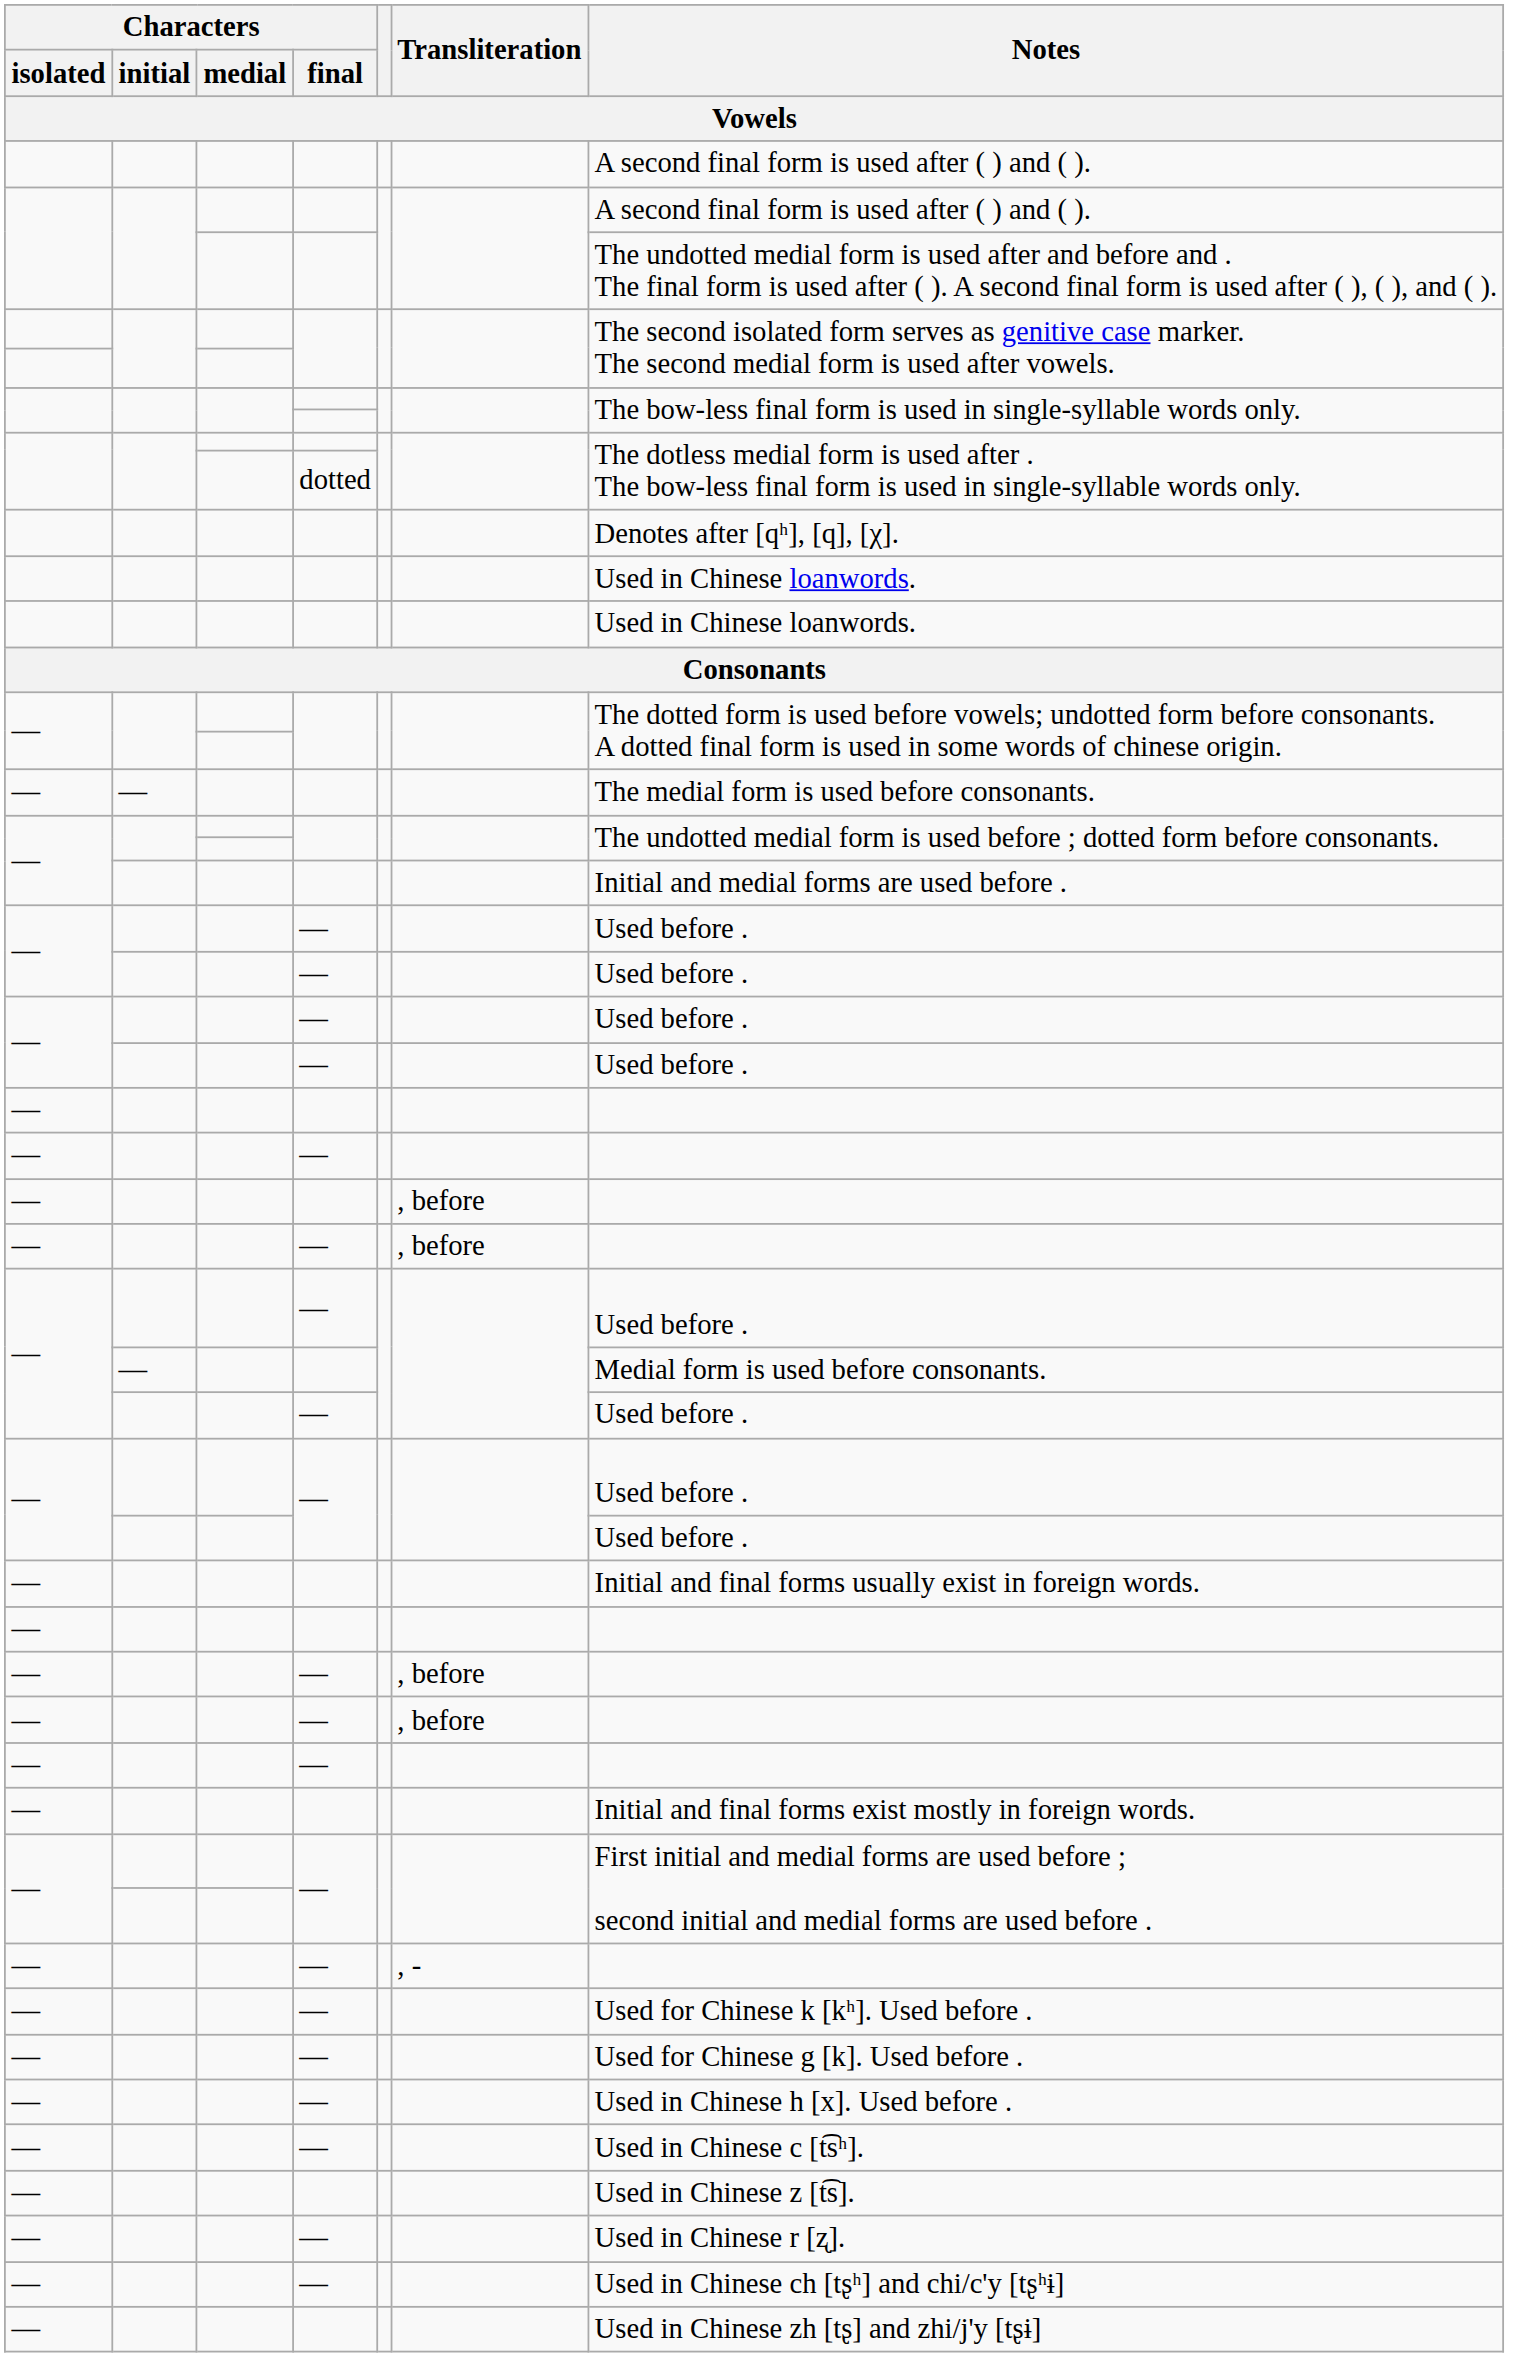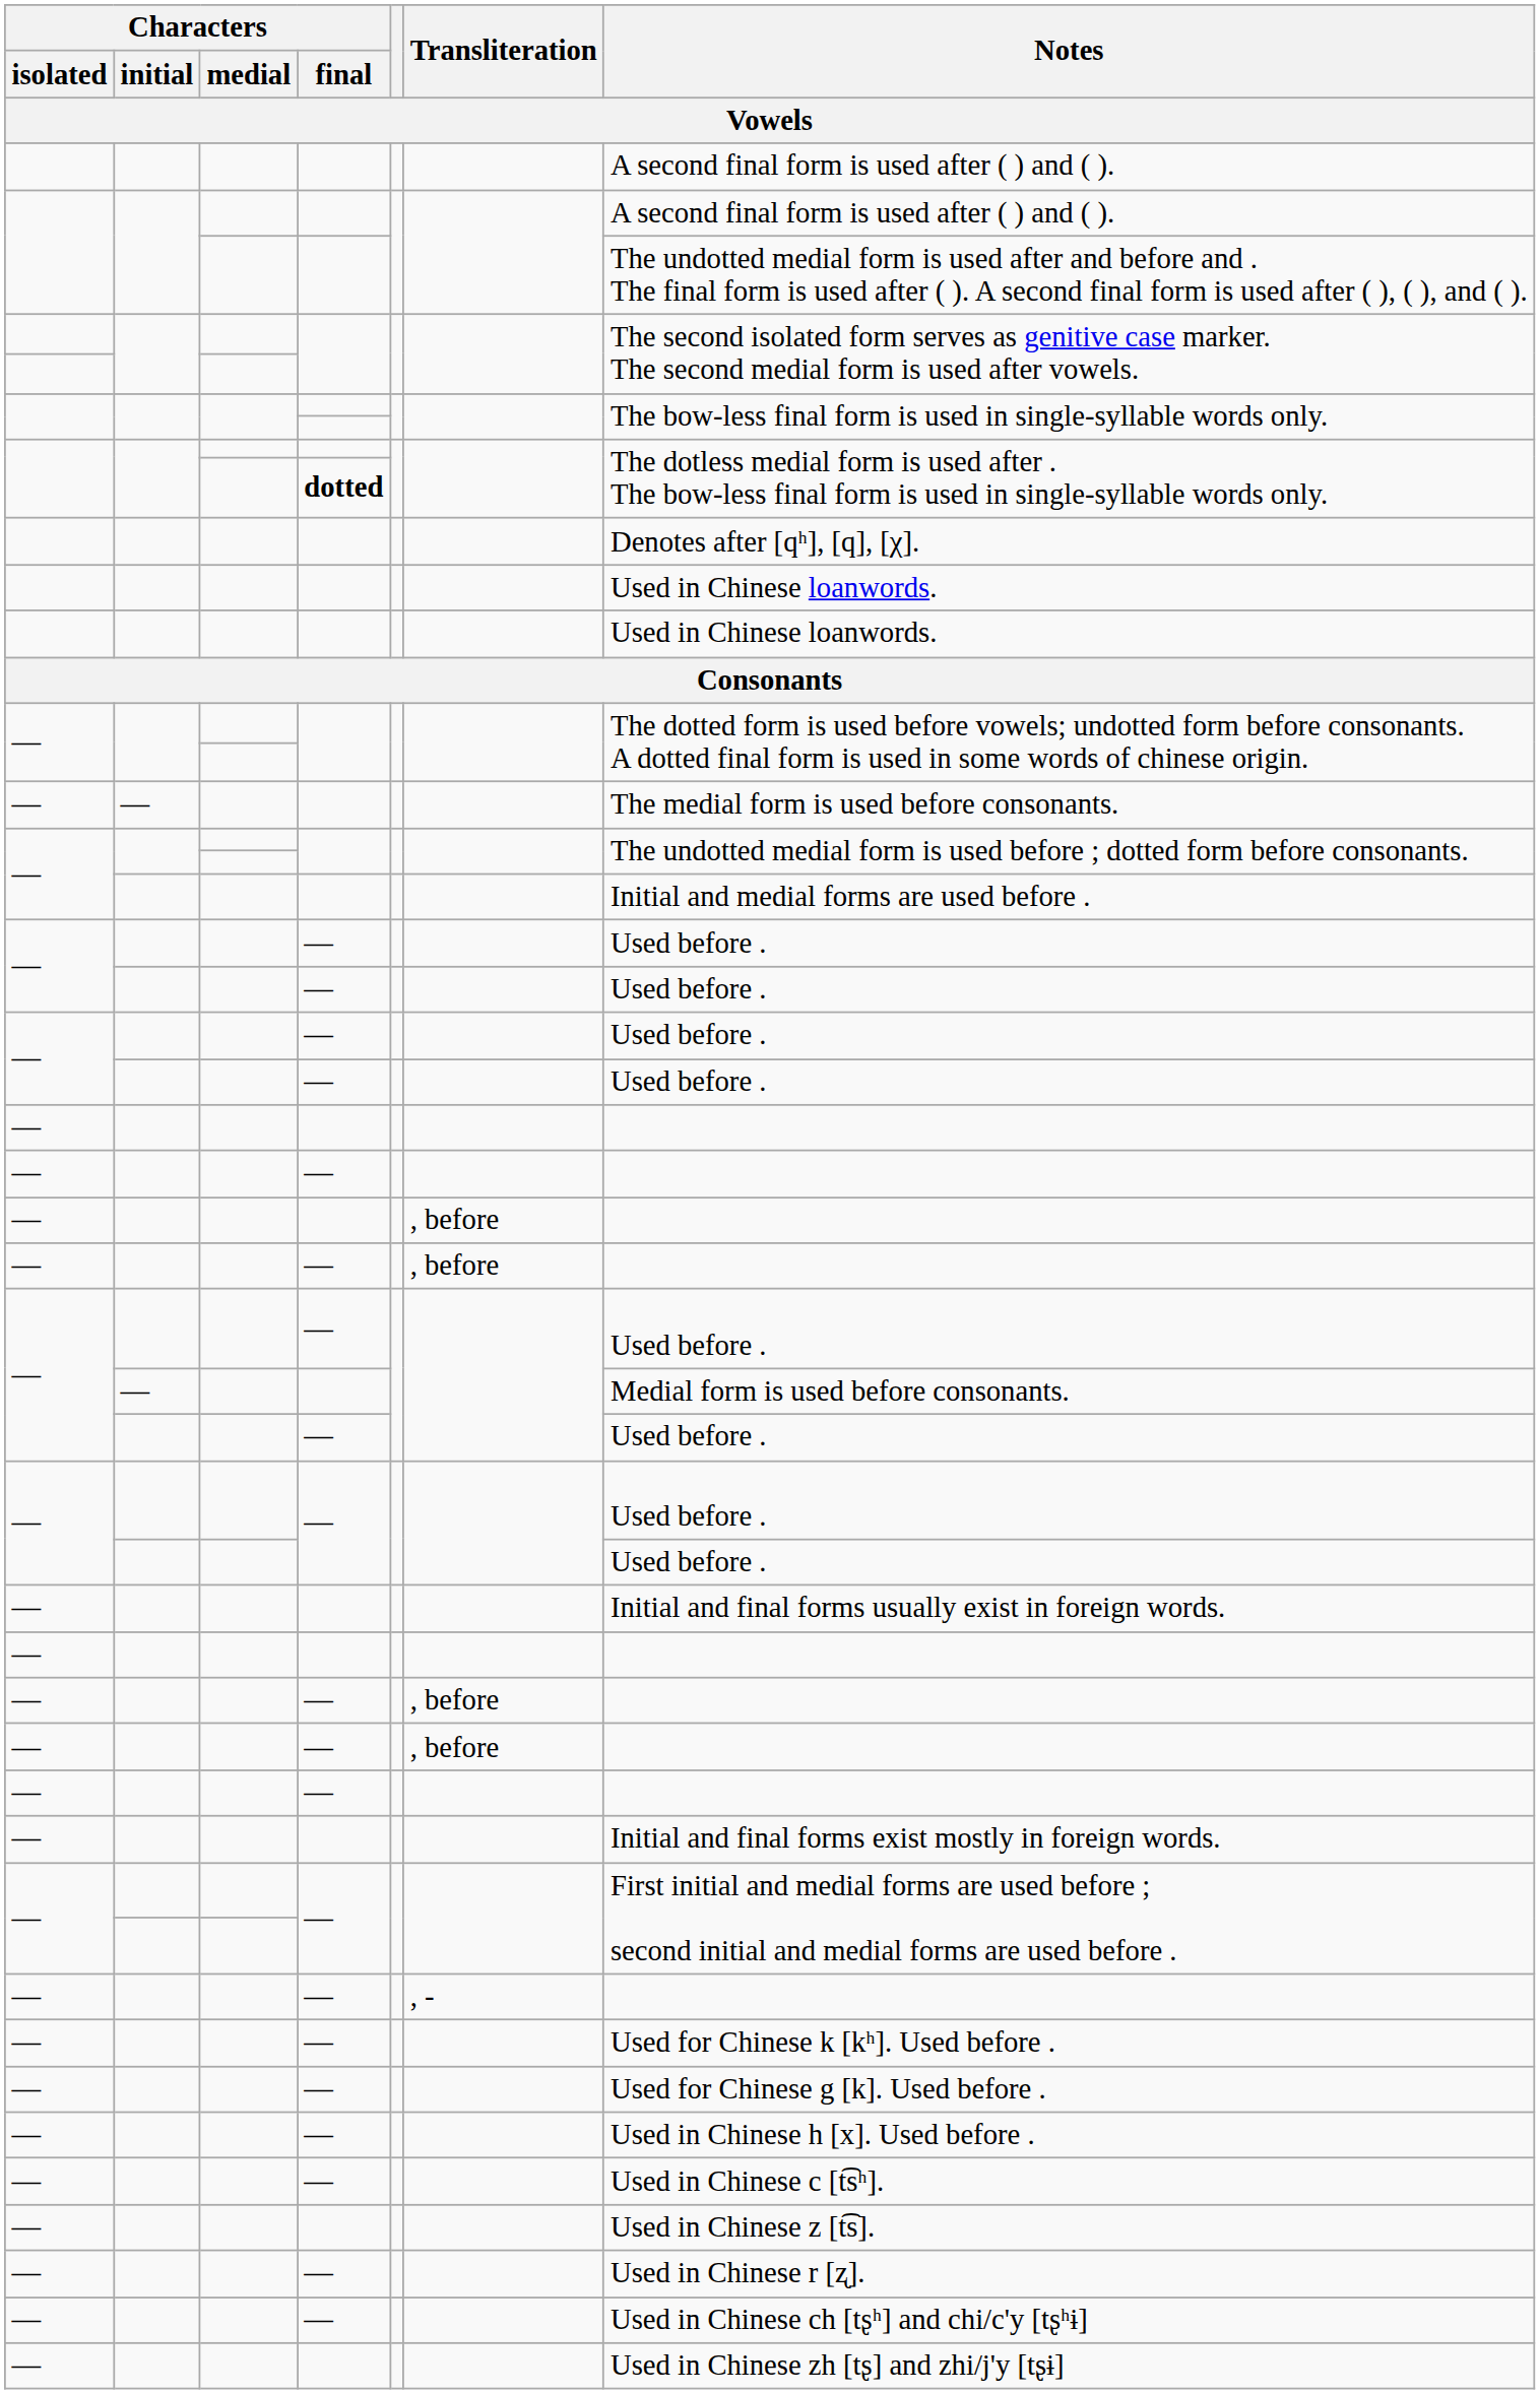 <table class="wikitable">
 <tr>
 <th colspan="4">Characters</th>
 <th rowspan="2"></th>
 <th rowspan="2">Transliteration</th>
 <th rowspan="2">Notes</th>
 </tr>
 <tr>
 <th>isolated</th>
 <th>initial</th>
 <th>medial</th>
 <th>final</th>
 </tr>
 <tr>
 <th colspan="7">Vowels</th>
 </tr>
 <tr>
 <td></td>
 <td></td>
 <td></td>
 <td></td>
 <td></td>
 <td> </td>
 <td>A second final form is used after  ( ) and  ( ).</td>
 </tr>
 <tr>
 <td rowspan="2"></td>
 <td rowspan="2"></td>
 <td></td>
 <td></td>
 <td rowspan="2"></td>
 <td rowspan="2"> </td>
 <td>A second final form is used after  ( ) and  ( ).</td>
 </tr>
 <tr>
 <td></td>
 <td></td>
 <td>The undotted medial form is used after  and before  and .<br>The final form is used after  ( ). A second final form is used after  ( ),  ( ), and  ( ).</td>
 </tr>
 <tr>
 <td></td>
 <td rowspan="2"></td>
 <td></td>
 <td rowspan="2"></td>
 <td rowspan="2"></td>
 <td rowspan="2"> </td>
 <td rowspan="2">The second isolated form serves as <a href='#'>genitive case</a> marker.<br>The second medial form is used after vowels.</td>
 </tr>
 <tr>
 <td>  </td>
 <td></td>
 </tr>
 <tr>
 <td rowspan="2"> </td>
 <td rowspan="2"></td>
 <td rowspan="2"></td>
 <td> </td>
 <td rowspan="2"></td>
 <td rowspan="2"> </td>
 <td rowspan="2">The bow-less final form is used in single-syllable words only.</td>
 </tr>
 <tr>
 <td></td>
 </tr>
 <tr>
 <td rowspan="2"> </td>
 <td rowspan="2"></td>
 <td></td>
 <td></td>
 <td rowspan="2"></td>
 <td rowspan="2"> </td>
 <td rowspan="2">The dotless medial form is used after .<br>The bow-less final form is used in single-syllable words only.</td>
 </tr>
 <tr>
 <td></td>
-<td>dotted </td>
+<td><strong>dotted </strong></td>
 </tr>
 <tr>
 <td> </td>
 <td></td>
 <td></td>
 <td></td>
 <td></td>
 <td> </td>
 <td>Denotes <em></em> after <em></em> [qʰ], <em></em> [q], <em></em> [χ].</td>
 </tr>
 <tr>
 <td></td>
 <td></td>
 <td></td>
 <td></td>
 <td></td>
 <td> </td>
 <td>Used in Chinese <a href='#'>loanwords</a>.</td>
 </tr>
 <tr>
 <td></td>
 <td></td>
 <td></td>
 <td></td>
 <td></td>
 <td> </td>
 <td>Used in Chinese loanwords.</td>
 </tr>
 <tr>
 <th colspan="7">Consonants</th>
 </tr>
 <tr>
 <td rowspan="2">—</td>
 <td rowspan="2"></td>
 <td></td>
 <td rowspan="2"></td>
 <td rowspan="2"></td>
 <td rowspan="2"> </td>
 <td rowspan="2">The dotted form is used before vowels; undotted form before consonants.<br>A dotted final form is used in some words of chinese origin.</td>
 </tr>
 <tr>
 <td></td>
 </tr>
 <tr>
 <td>—</td>
 <td>—</td>
 <td></td>
 <td></td>
 <td></td>
 <td> </td>
 <td>The medial form is used before consonants.</td>
 </tr>
 <tr>
 <td rowspan="3">—</td>
 <td rowspan="2"></td>
 <td></td>
 <td rowspan="2"></td>
 <td rowspan="2"></td>
 <td rowspan="2"> </td>
 <td rowspan="2">The undotted medial form is used before <em></em>; dotted form before consonants.</td>
 </tr>
 <tr>
 <td></td>
 </tr>
 <tr>
 <td> </td>
 <td></td>
 <td></td>
 <td></td>
 <td> </td>
 <td>Initial and medial forms are used before <em></em>.</td>
 </tr>
 <tr>
 <td rowspan="2">—</td>
 <td></td>
 <td></td>
 <td>—</td>
 <td></td>
 <td> </td>
 <td>Used before <em></em>.</td>
 </tr>
 <tr>
 <td>  </td>
 <td>  </td>
 <td>—</td>
 <td></td>
 <td> </td>
 <td>Used before <em></em>.</td>
 </tr>
 <tr>
 <td rowspan="2">—</td>
 <td> </td>
 <td> </td>
 <td>—</td>
 <td></td>
 <td> </td>
 <td>Used before <em></em>.</td>
 </tr>
 <tr>
 <td>  </td>
 <td>  </td>
 <td>—</td>
 <td></td>
 <td> </td>
 <td>Used before <em></em>.</td>
 </tr>
 <tr>
 <td>—</td>
 <td></td>
 <td></td>
 <td></td>
 <td></td>
 <td> </td>
 <td></td>
 </tr>
 <tr>
 <td>—</td>
 <td> </td>
 <td> </td>
 <td>—</td>
 <td></td>
 <td> </td>
 <td></td>
 </tr>
 <tr>
 <td>—</td>
 <td></td>
 <td></td>
 <td></td>
 <td></td>
 <td> ,  before </td>
 <td></td>
 </tr>
 <tr>
 <td>—</td>
 <td> </td>
 <td> </td>
 <td>—</td>
 <td></td>
 <td> ,  before </td>
 <td></td>
 </tr>
 <tr>
 <td rowspan="3">—</td>
 <td></td>
 <td></td>
 <td>—</td>
 <td rowspan="3"></td>
 <td rowspan="3"> </td>
 <td><br>Used before <em></em>.</td>
 </tr>
 <tr>
 <td>—</td>
 <td> </td>
 <td></td>
 <td>Medial form is used before consonants.</td>
 </tr>
 <tr>
 <td></td>
 <td></td>
 <td>—</td>
 <td>Used before <em></em>.</td>
 </tr>
 <tr>
 <td rowspan="2">—</td>
 <td> </td>
 <td></td>
 <td rowspan="2">—</td>
 <td rowspan="2"></td>
 <td rowspan="2"> </td>
 <td><br>Used before <em></em>.</td>
 </tr>
 <tr>
 <td> </td>
 <td></td>
 <td>Used before <em></em>.</td>
 </tr>
 <tr>
 <td>—</td>
 <td></td>
 <td></td>
 <td></td>
 <td></td>
 <td> </td>
 <td>Initial and final forms usually exist in foreign words.</td>
 </tr>
 <tr>
 <td>—</td>
 <td></td>
 <td></td>
 <td></td>
 <td></td>
 <td> </td>
 <td></td>
 </tr>
 <tr>
 <td>—</td>
 <td></td>
 <td></td>
 <td>—</td>
 <td></td>
 <td> ,  before </td>
 <td></td>
 </tr>
 <tr>
 <td>—</td>
 <td></td>
 <td></td>
 <td>—</td>
 <td></td>
 <td> ,  before </td>
 <td></td>
 </tr>
 <tr>
 <td>—</td>
 <td></td>
 <td>  </td>
 <td>—</td>
 <td></td>
 <td> </td>
 <td></td>
 </tr>
 <tr>
 <td>—</td>
 <td></td>
 <td></td>
 <td></td>
 <td></td>
 <td> </td>
 <td>Initial and final forms exist mostly in foreign words.</td>
 </tr>
 <tr>
 <td rowspan="2">—</td>
 <td> </td>
 <td> </td>
 <td rowspan="2">—</td>
 <td rowspan="2"></td>
 <td rowspan="2"> </td>
 <td rowspan="2">First initial and medial forms are used before <em></em>;<br><br>second initial and medial forms are used before <em></em>.</td>
 </tr>
 <tr>
 <td></td>
 <td></td>
 </tr>
 <tr>
 <td>—</td>
 <td></td>
 <td></td>
 <td>—</td>
 <td></td>
 <td> , -</td>
 <td></td>
 </tr>
 <tr>
 <td>—</td>
 <td></td>
 <td></td>
 <td>—</td>
 <td></td>
 <td> </td>
 <td>Used for Chinese k [kʰ]. Used before <em></em>.</td>
 </tr>
 <tr>
 <td>—</td>
 <td></td>
 <td></td>
 <td>—</td>
 <td></td>
 <td> </td>
 <td>Used for Chinese g [k]. Used before <em></em>.</td>
 </tr>
 <tr>
 <td>—</td>
 <td></td>
 <td></td>
 <td>—</td>
 <td></td>
 <td> </td>
 <td>Used in Chinese h [x]. Used before <em></em>.</td>
 </tr>
 <tr>
 <td>—</td>
 <td></td>
 <td></td>
 <td>—</td>
 <td></td>
 <td> </td>
 <td>Used in Chinese c [t͡sʰ].</td>
 </tr>
 <tr>
 <td>—</td>
 <td></td>
 <td></td>
 <td></td>
 <td></td>
 <td> </td>
 <td>Used in Chinese z [t͡s].</td>
 </tr>
 <tr>
 <td>—</td>
 <td></td>
 <td></td>
 <td>—</td>
 <td></td>
 <td> </td>
 <td>Used in Chinese r [ʐ].</td>
 </tr>
 <tr>
 <td>—</td>
 <td></td>
 <td></td>
 <td>—</td>
 <td></td>
 <td> </td>
 <td>Used in Chinese ch [tʂʰ] and chi/c'y [tʂʰɨ]</td>
 </tr>
 <tr>
 <td>—</td>
 <td></td>
 <td></td>
 <td></td>
 <td></td>
 <td> </td>
 <td>Used in Chinese zh [tʂ] and zhi/j'y [tʂɨ]</td>
 </tr>
 </table>
